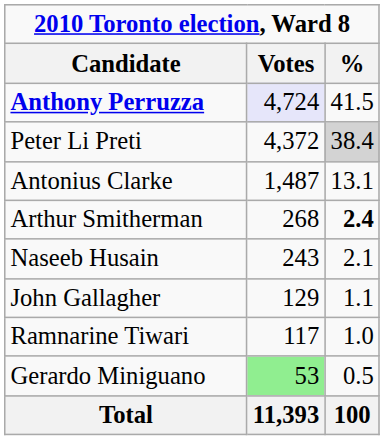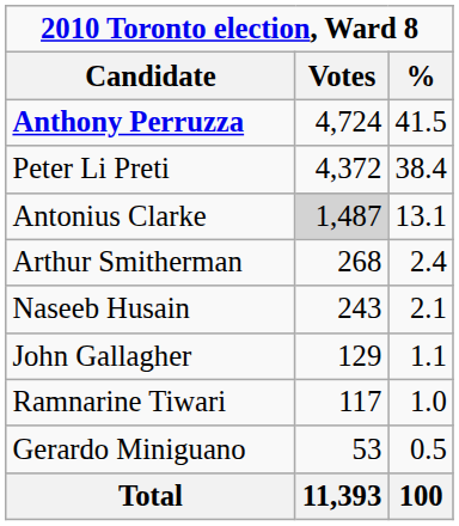 <table class="wikitable">
 <tr>
 <td Colspan="3" align="center"><strong><a href='#'>2010 Toronto election</a>, Ward 8</strong></td>
 </tr>
 <tr>
 <th bgcolor="#DDDDFF" width="150px">Candidate</th>
 <th bgcolor="#DDDDFF">Votes</th>
 <th bgcolor="#DDDDFF">%</th>
 </tr>
 <tr>
 <td><strong><a href='#'>Anthony Perruzza</a></strong></td>
-<td align=right style="background: lavender;">4,724</td>
+<td align=right>4,724</td>
 <td align=right>41.5</td>
 </tr>
 <tr>
 <td>Peter Li Preti</td>
 <td align=right>4,372</td>
-<td align=right style="background: lightgrey;">38.4</td>
+<td align=right>38.4</td>
 </tr>
 <tr>
 <td>Antonius Clarke</td>
-<td align=right>1,487</td>
+<td align=right style="background: lightgrey;">1,487</td>
 <td align=right>13.1</td>
 </tr>
 <tr>
 <td>Arthur Smitherman</td>
 <td align=right>268</td>
-<td align=right><strong>2.4</strong></td>
+<td align=right>2.4</td>
 </tr>
 <tr>
 <td>Naseeb Husain</td>
 <td align=right>243</td>
 <td align=right>2.1</td>
 </tr>
 <tr>
 <td>John Gallagher</td>
 <td align=right>129</td>
 <td align=right>1.1</td>
 </tr>
 <tr>
 <td>Ramnarine Tiwari</td>
 <td align=right>117</td>
 <td align=right>1.0</td>
 </tr>
 <tr>
 <td>Gerardo Miniguano</td>
-<td align=right style="background: lightgreen;">53</td>
+<td align=right>53</td>
 <td align=right>0.5</td>
 </tr>
 <tr>
 <th>Total</th>
 <th align=right>11,393</th>
 <th align=right>100</th>
 </tr>
 </table>
